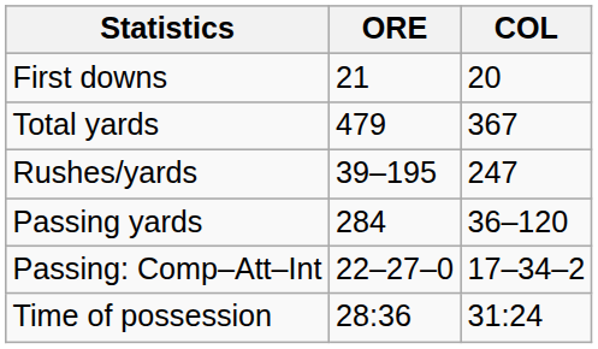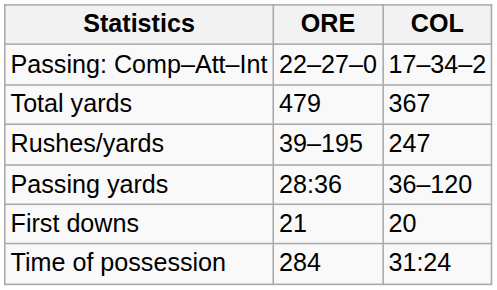 <table class="wikitable" style="float: left;">
 <tr>
 <th>Statistics</th>
 <th>ORE</th>
 <th>COL</th>
 </tr>
 <tr>
-<td>First downs</td>
-<td>21</td>
-<td>20</td>
+<td>Passing: Comp–Att–Int</td>
+<td>22–27–0</td>
+<td>17–34–2</td>
 </tr>
 <tr>
 <td>Total yards</td>
 <td>479</td>
 <td>367</td>
 </tr>
 <tr>
 <td>Rushes/yards</td>
 <td>39–195</td>
 <td>247</td>
 </tr>
 <tr>
 <td>Passing yards</td>
-<td>284</td>
+<td>28:36</td>
 <td>36–120</td>
 </tr>
 <tr>
-<td>Passing: Comp–Att–Int</td>
-<td>22–27–0</td>
-<td>17–34–2</td>
+<td>First downs</td>
+<td>21</td>
+<td>20</td>
 </tr>
 <tr>
 <td>Time of possession</td>
-<td>28:36</td>
+<td>284</td>
 <td>31:24</td>
 </tr>
 </table>
